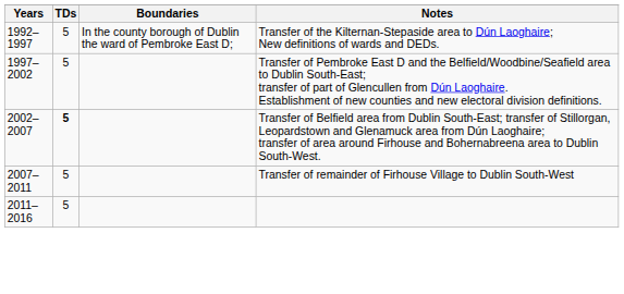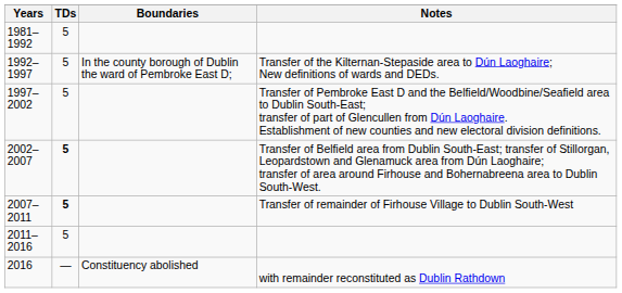 <table class="wikitable">
 <tr>
 </tr>
 <tr>
 <th>Years</th>
 <th>TDs</th>
 <th>Boundaries</th>
 <th>Notes</th>
+</tr>
+<tr style="vertical-align:top">
+<td>1981–1992</td>
+<td style="text-align:center">5</td>
+<td><br></td>
+<td><br> </td>
 </tr>
 <tr style="vertical-align:top">
 <td>1992–1997</td>
 <td style="text-align:center">5</td>
 <td>In the county borough of Dublin the ward of Pembroke East D;<br></td>
 <td>Transfer of the Kilternan-Stepaside area to <a href='#'>Dún Laoghaire</a>;<br>New definitions of wards and DEDs.</td>
 </tr>
 <tr style="vertical-align:top">
 <td>1997–2002</td>
 <td style="text-align:center">5</td>
 <td><br></td>
 <td>Transfer of Pembroke East D and the Belfield/Woodbine/Seafield area to Dublin South-East;<br>transfer of part of Glencullen from <a href='#'>Dún Laoghaire</a>.<br>Establishment of new counties and new electoral division definitions.</td>
 </tr>
 <tr style="vertical-align:top">
 <td>2002–2007</td>
 <td style="text-align:center"><strong>5</strong></td>
 <td><br></td>
 <td>Transfer of Belfield area from Dublin South-East; transfer of Stillorgan, Leopardstown and Glenamuck area from Dún Laoghaire;<br>transfer of area around Firhouse and Bohernabreena area to Dublin South-West.</td>
 </tr>
 <tr style="vertical-align:top">
 <td>2007–2011</td>
-<td style="text-align:center">5</td>
+<td style="text-align:center"><strong>5</strong></td>
 <td><br></td>
 <td>Transfer of remainder of Firhouse Village to Dublin South-West</td>
 </tr>
 <tr style="vertical-align:top">
 <td>2011–2016</td>
 <td style="text-align:center">5</td>
 <td><br></td>
 <td></td>
 </tr>
+<tr style="vertical-align:top">
+<td>2016</td>
+<td style="text-align:center">—</td>
+<td>Constituency abolished</td>
+<td><br> with remainder reconstituted as <a href='#'>Dublin Rathdown</a></td>
+</tr>
 </table>
